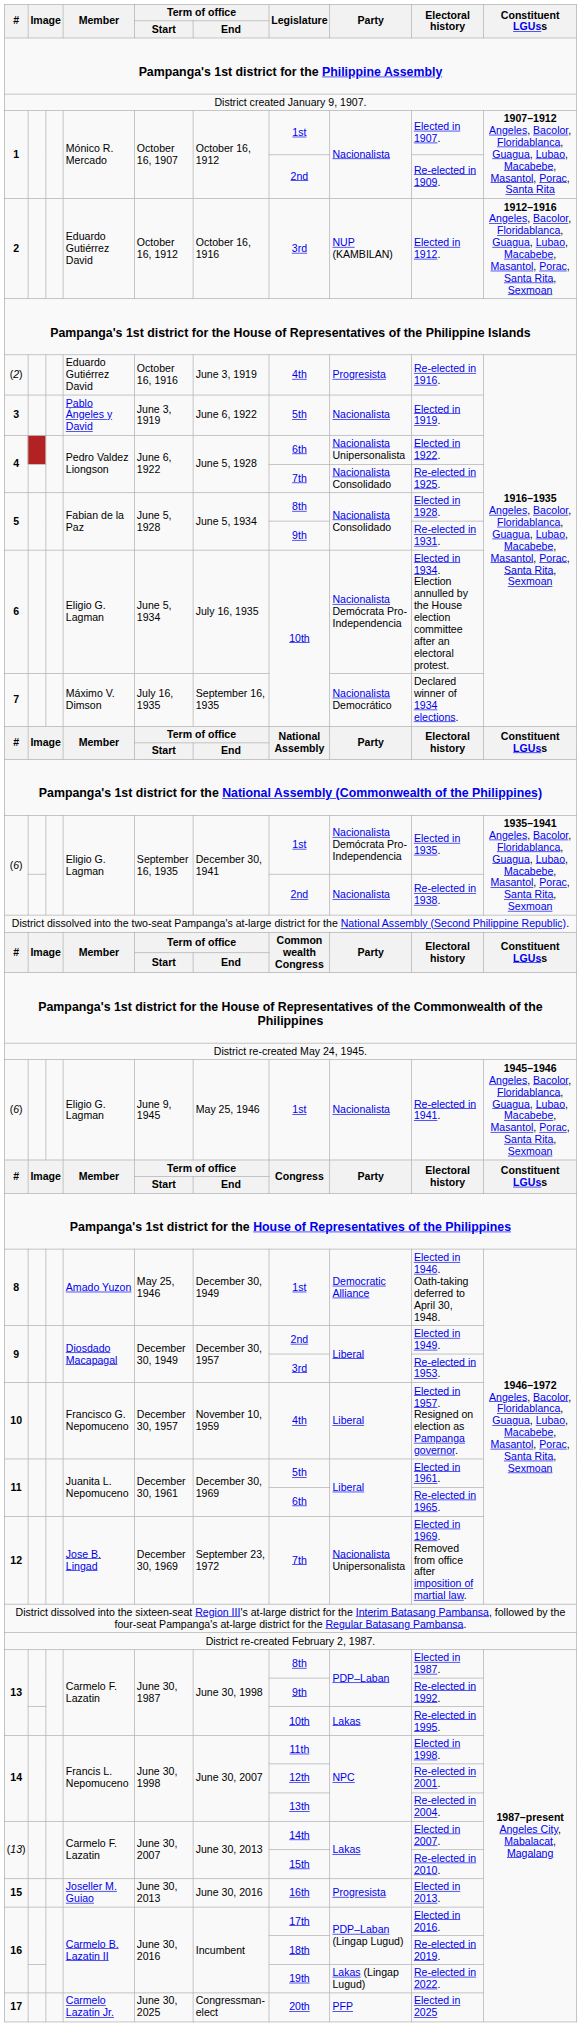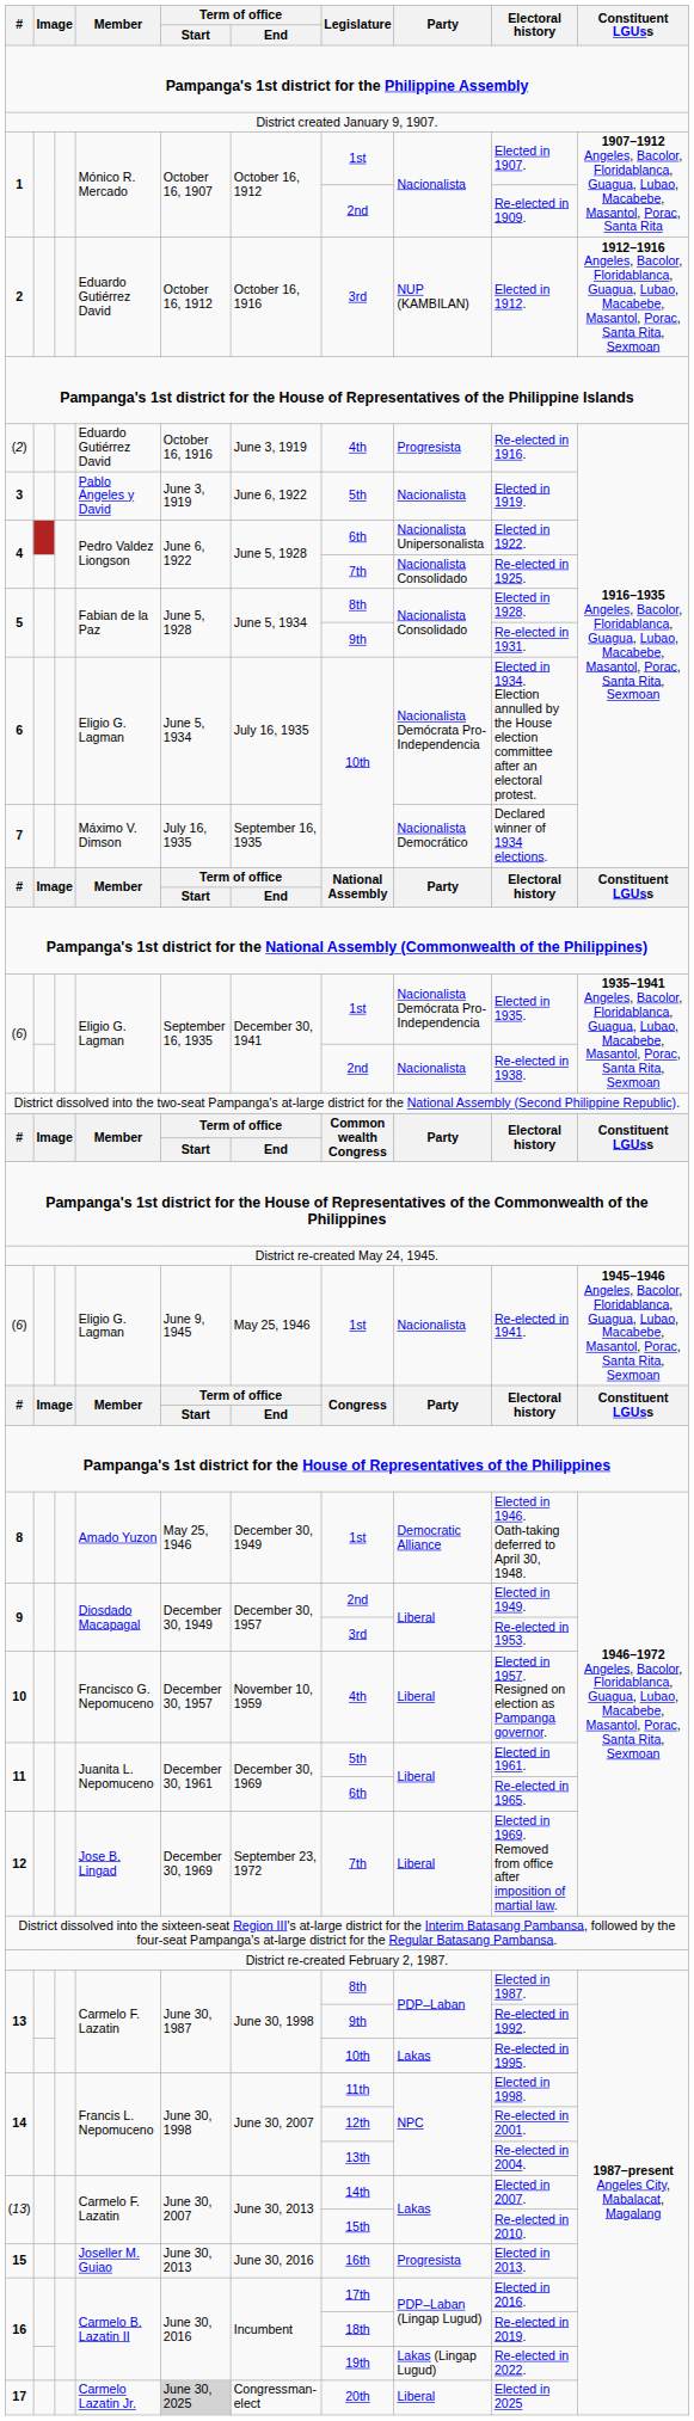 <table class=wikitable>
 <tr>
 <th rowspan="2">#</th>
 <th rowspan="2" colspan=2>Image</th>
 <th rowspan="2">Member</th>
 <th colspan=2>Term of office</th>
 <th rowspan="2">Legislature</th>
 <th rowspan="2">Party</th>
 <th rowspan="2">Electoral history</th>
 <th rowspan="2">Constituent<br><a href='#'>LGUs</a>s</th>
 </tr>
 <tr>
 <th>Start</th>
 <th>End</th>
 </tr>
 <tr>
 <td colspan="10" style="text-align:center;"><br><h3>Pampanga's 1st district for the <a href='#'>Philippine Assembly</a></h3></td>
 </tr>
 <tr>
 <td colspan="10" style="text-align:center;">District created January 9, 1907.</td>
 </tr>
 <tr>
 <td rowspan="2" style="text-align:center;"><strong>1</strong></td>
 <td rowspan="2" style="color:inherit;background:"></td>
 <td rowspan="2"></td>
 <td rowspan="2">Mónico R. Mercado</td>
 <td rowspan="2">October 16, 1907</td>
 <td rowspan="2">October 16, 1912</td>
 <td style="text-align:center;"><a href='#'>1st</a></td>
 <td rowspan="2"><a href='#'>Nacionalista</a></td>
 <td><a href='#'>Elected in 1907</a>.</td>
 <td rowspan="2" style="text-align:center;"><strong>1907–1912</strong><br><a href='#'>Angeles</a>, <a href='#'>Bacolor</a>, <a href='#'>Floridablanca</a>, <a href='#'>Guagua</a>, <a href='#'>Lubao</a>, <a href='#'>Macabebe</a>, <a href='#'>Masantol</a>, <a href='#'>Porac</a>, <a href='#'>Santa Rita</a></td>
 </tr>
 <tr>
 <td style="text-align:center;"><a href='#'>2nd</a></td>
 <td><a href='#'>Re-elected in 1909</a>.</td>
 </tr>
 <tr>
 <td style="text-align:center;"><strong>2</strong></td>
 <td style="color:inherit;background:"></td>
 <td></td>
 <td>Eduardo Gutiérrez David</td>
 <td>October 16, 1912</td>
 <td>October 16, 1916</td>
 <td style="text-align:center;"><a href='#'>3rd</a></td>
 <td><a href='#'>NUP</a> (KAMBILAN)</td>
 <td><a href='#'>Elected in 1912</a>.</td>
 <td style="text-align:center;"><strong>1912–1916</strong><br><a href='#'>Angeles</a>, <a href='#'>Bacolor</a>, <a href='#'>Floridablanca</a>, <a href='#'>Guagua</a>, <a href='#'>Lubao</a>, <a href='#'>Macabebe</a>, <a href='#'>Masantol</a>, <a href='#'>Porac</a>, <a href='#'>Santa Rita</a>, <a href='#'>Sexmoan</a></td>
 </tr>
 <tr>
 <td colspan="10" style="text-align:center;"><br><h3>Pampanga's 1st district for the House of Representatives of the Philippine Islands</h3></td>
 </tr>
 <tr>
 <td style="text-align:center;">(<em>2</em>)</td>
 <td style="color:inherit;background:"></td>
 <td></td>
 <td>Eduardo Gutiérrez David</td>
 <td>October 16, 1916</td>
 <td>June 3, 1919</td>
 <td style="text-align:center;"><a href='#'>4th</a></td>
 <td><a href='#'>Progresista</a></td>
 <td><a href='#'>Re-elected in 1916</a>.</td>
 <td rowspan="8" style="text-align:center;"><strong>1916–1935</strong><br><a href='#'>Angeles</a>, <a href='#'>Bacolor</a>, <a href='#'>Floridablanca</a>, <a href='#'>Guagua</a>, <a href='#'>Lubao</a>, <a href='#'>Macabebe</a>, <a href='#'>Masantol</a>, <a href='#'>Porac</a>, <a href='#'>Santa Rita</a>, <a href='#'>Sexmoan</a></td>
 </tr>
 <tr>
 <td style="text-align:center;"><strong>3</strong></td>
 <td style="color:inherit;background:"></td>
 <td></td>
 <td><a href='#'>Pablo Ángeles y David</a></td>
 <td>June 3, 1919</td>
 <td>June 6, 1922</td>
 <td style="text-align:center;"><a href='#'>5th</a></td>
 <td><a href='#'>Nacionalista</a></td>
 <td><a href='#'>Elected in 1919</a>.</td>
 </tr>
 <tr>
 <td rowspan="2" style="text-align:center;"><strong>4</strong></td>
 <td style="background-color:#B22222"></td>
 <td rowspan="2"></td>
 <td rowspan="2">Pedro Valdez Liongson</td>
 <td rowspan="2">June 6, 1922</td>
 <td rowspan="2">June 5, 1928</td>
 <td style="text-align:center;"><a href='#'>6th</a></td>
 <td><a href='#'>Nacionalista</a><br>Unipersonalista</td>
 <td><a href='#'>Elected in 1922</a>.</td>
 </tr>
 <tr>
 <td style="color:inherit;background:"></td>
 <td style="text-align:center;"><a href='#'>7th</a></td>
 <td><a href='#'>Nacionalista</a><br>Consolidado</td>
 <td><a href='#'>Re-elected in 1925</a>.</td>
 </tr>
 <tr>
 <td rowspan="2" style="text-align:center;"><strong>5</strong></td>
 <td rowspan="2" style="color:inherit;background:"></td>
 <td rowspan="2"></td>
 <td rowspan="2">Fabian de la Paz</td>
 <td rowspan="2">June 5, 1928</td>
 <td rowspan="2">June 5, 1934</td>
 <td style="text-align:center;"><a href='#'>8th</a></td>
 <td rowspan="2"><a href='#'>Nacionalista</a><br>Consolidado</td>
 <td><a href='#'>Elected in 1928</a>.</td>
 </tr>
 <tr>
 <td style="text-align:center;"><a href='#'>9th</a></td>
 <td><a href='#'>Re-elected in 1931</a>.</td>
 </tr>
 <tr>
 <td style="text-align:center;"><strong>6</strong></td>
 <td style="color:inherit;background:"></td>
 <td></td>
 <td>Eligio G. Lagman</td>
 <td>June 5, 1934</td>
 <td>July 16, 1935</td>
 <td rowspan="2" style="text-align:center;"><a href='#'>10th</a></td>
 <td><a href='#'>Nacionalista</a><br>Demócrata Pro-Independencia</td>
 <td><a href='#'>Elected in 1934</a>.<br>Election annulled by the House election committee after an electoral protest.</td>
 </tr>
 <tr>
 <td style="text-align:center;"><strong>7</strong></td>
 <td style="color:inherit;background:"></td>
 <td></td>
 <td>Máximo V. Dimson</td>
 <td>July 16, 1935</td>
 <td>September 16, 1935</td>
 <td><a href='#'>Nacionalista</a><br>Democrático</td>
 <td>Declared winner of <a href='#'>1934 elections</a>.</td>
 </tr>
 <tr>
 <th rowspan="2">#</th>
 <th rowspan="2" colspan=2>Image</th>
 <th rowspan="2">Member</th>
 <th colspan=2>Term of office</th>
 <th rowspan="2">National<br>Assembly</th>
 <th rowspan="2">Party</th>
 <th rowspan="2">Electoral history</th>
 <th rowspan="2">Constituent<br><a href='#'>LGUs</a>s</th>
 </tr>
 <tr>
 <th>Start</th>
 <th>End</th>
 </tr>
 <tr>
 <td colspan="10" style="text-align:center;"><br><h3>Pampanga's 1st district for the <a href='#'>National Assembly (Commonwealth of the Philippines)</a></h3></td>
 </tr>
 <tr>
 <td rowspan="2" style="text-align:center;">(<em>6</em>)</td>
 <td style="color:inherit;background:"></td>
 <td rowspan="2"></td>
 <td rowspan="2">Eligio G. Lagman</td>
 <td rowspan="2">September 16, 1935</td>
 <td rowspan="2">December 30, 1941</td>
 <td style="text-align:center;"><a href='#'>1st</a></td>
 <td><a href='#'>Nacionalista</a><br>Demócrata Pro-Independencia</td>
 <td><a href='#'>Elected in 1935</a>.</td>
 <td rowspan="2" style="text-align:center;"><strong>1935–1941</strong><br><a href='#'>Angeles</a>, <a href='#'>Bacolor</a>, <a href='#'>Floridablanca</a>, <a href='#'>Guagua</a>, <a href='#'>Lubao</a>, <a href='#'>Macabebe</a>, <a href='#'>Masantol</a>, <a href='#'>Porac</a>, <a href='#'>Santa Rita</a>, <a href='#'>Sexmoan</a></td>
 </tr>
 <tr>
 <td style="color:inherit;background:"></td>
 <td style="text-align:center;"><a href='#'>2nd</a></td>
 <td><a href='#'>Nacionalista</a></td>
 <td><a href='#'>Re-elected in 1938</a>.</td>
 </tr>
 <tr>
 <td colspan="10" style="text-align:center;">District dissolved into the two-seat Pampanga's at-large district for the <a href='#'>National Assembly (Second Philippine Republic)</a>.</td>
 </tr>
 <tr>
 <th rowspan="2">#</th>
 <th rowspan="2" colspan=2>Image</th>
 <th rowspan="2">Member</th>
 <th colspan=2>Term of office</th>
 <th rowspan="2">Common<br>wealth<br>Congress</th>
 <th rowspan="2">Party</th>
 <th rowspan="2">Electoral history</th>
 <th rowspan="2">Constituent<br><a href='#'>LGUs</a>s</th>
 </tr>
 <tr>
 <th>Start</th>
 <th>End</th>
 </tr>
 <tr>
 <td colspan="10" style="text-align:center;"><br><h3>Pampanga's 1st district for the House of Representatives of the Commonwealth of the Philippines</h3></td>
 </tr>
 <tr>
 <td colspan="10" style="text-align:center;">District re-created May 24, 1945.</td>
 </tr>
 <tr>
 <td style="text-align:center;">(<em>6</em>)</td>
 <td style="color:inherit;background:"></td>
 <td></td>
 <td>Eligio G. Lagman</td>
 <td>June 9, 1945</td>
 <td>May 25, 1946</td>
 <td style="text-align:center;"><a href='#'>1st</a></td>
 <td><a href='#'>Nacionalista</a></td>
 <td><a href='#'>Re-elected in 1941</a>.</td>
 <td style="text-align:center;"><strong>1945–1946</strong><br><a href='#'>Angeles</a>, <a href='#'>Bacolor</a>, <a href='#'>Floridablanca</a>, <a href='#'>Guagua</a>, <a href='#'>Lubao</a>, <a href='#'>Macabebe</a>, <a href='#'>Masantol</a>, <a href='#'>Porac</a>, <a href='#'>Santa Rita</a>, <a href='#'>Sexmoan</a></td>
 </tr>
 <tr>
 <th rowspan="2">#</th>
 <th rowspan="2" colspan=2>Image</th>
 <th rowspan="2">Member</th>
 <th colspan=2>Term of office</th>
 <th rowspan="2">Congress</th>
 <th rowspan="2">Party</th>
 <th rowspan="2">Electoral history</th>
 <th rowspan="2">Constituent<br><a href='#'>LGUs</a>s</th>
 </tr>
 <tr>
 <th>Start</th>
 <th>End</th>
 </tr>
 <tr>
 <td colspan="10" style="text-align:center;"><br><h3>Pampanga's 1st district for the <a href='#'>House of Representatives of the Philippines</a></h3></td>
 </tr>
 <tr>
 <td style="text-align:center;"><strong>8</strong></td>
 <td style="color:inherit;background:"></td>
 <td></td>
 <td><a href='#'>Amado Yuzon</a></td>
 <td>May 25, 1946</td>
 <td>December 30, 1949</td>
 <td style="text-align:center;"><a href='#'>1st</a></td>
 <td><a href='#'>Democratic Alliance</a></td>
 <td><a href='#'>Elected in 1946</a>.<br>Oath-taking deferred to April 30, 1948.</td>
 <td rowspan="7" style="text-align:center;"><strong>1946–1972</strong><br><a href='#'>Angeles</a>, <a href='#'>Bacolor</a>, <a href='#'>Floridablanca</a>, <a href='#'>Guagua</a>, <a href='#'>Lubao</a>, <a href='#'>Macabebe</a>, <a href='#'>Masantol</a>, <a href='#'>Porac</a>, <a href='#'>Santa Rita</a>, <a href='#'>Sexmoan</a></td>
 </tr>
 <tr>
 <td rowspan="2" style="text-align:center;"><strong>9</strong></td>
 <td rowspan="2" style="color:inherit;background:"></td>
 <td rowspan="2"></td>
 <td rowspan="2"><a href='#'>Diosdado Macapagal</a></td>
 <td rowspan="2">December 30, 1949</td>
 <td rowspan="2">December 30, 1957 </td>
 <td style="text-align:center;"><a href='#'>2nd</a></td>
 <td rowspan="2"><a href='#'>Liberal</a></td>
 <td><a href='#'>Elected in 1949</a>.</td>
 </tr>
 <tr>
 <td style="text-align:center;"><a href='#'>3rd</a></td>
 <td><a href='#'>Re-elected in 1953</a>.</td>
 </tr>
 <tr>
 <td style="text-align:center;"><strong>10</strong></td>
 <td style="color:inherit;background:"></td>
 <td></td>
 <td>Francisco G. Nepomuceno</td>
 <td>December 30, 1957</td>
 <td>November 10, 1959</td>
 <td style="text-align:center;"><a href='#'>4th</a></td>
 <td><a href='#'>Liberal</a></td>
 <td><a href='#'>Elected in 1957</a>.<br>Resigned on election as <a href='#'>Pampanga governor</a>.</td>
 </tr>
 <tr>
 <td rowspan="2" style="text-align:center;"><strong>11</strong></td>
 <td rowspan="2" style="color:inherit;background:"></td>
 <td rowspan="2"></td>
 <td rowspan="2">Juanita L. Nepomuceno</td>
 <td rowspan="2">December 30, 1961</td>
 <td rowspan="2">December 30, 1969</td>
 <td style="text-align:center;"><a href='#'>5th</a></td>
 <td rowspan="2"><a href='#'>Liberal</a></td>
 <td><a href='#'>Elected in 1961</a>.</td>
 </tr>
 <tr>
 <td style="text-align:center;"><a href='#'>6th</a></td>
 <td><a href='#'>Re-elected in 1965</a>.</td>
 </tr>
 <tr>
 <td style="text-align:center;"><strong>12</strong></td>
 <td style="color:inherit;background:"></td>
 <td></td>
 <td><a href='#'>Jose B. Lingad</a></td>
 <td>December 30, 1969</td>
 <td>September 23, 1972</td>
 <td style="text-align:center;"><a href='#'>7th</a></td>
-<td><a href='#'>Nacionalista</a><br>Unipersonalista</td>
+<td><a href='#'>Liberal</a></td>
 <td><a href='#'>Elected in 1969</a>.<br>Removed from office after <a href='#'>imposition of martial law</a>.</td>
 </tr>
 <tr>
 <td colspan="10" style="text-align:center;">District dissolved into the sixteen-seat <a href='#'>Region III</a>'s at-large district for the <a href='#'>Interim Batasang Pambansa</a>, followed by the four-seat Pampanga's at-large district for the <a href='#'>Regular Batasang Pambansa</a>.</td>
 </tr>
 <tr>
 <td colspan="10" style="text-align:center;">District re-created February 2, 1987.</td>
 </tr>
 <tr>
 <td rowspan="3" style="text-align:center;"><strong>13</strong></td>
 <td rowspan="2" style="color:inherit;background:"></td>
 <td rowspan="3"></td>
 <td rowspan="3">Carmelo F. Lazatin</td>
 <td rowspan="3">June 30, 1987</td>
 <td rowspan="3">June 30, 1998</td>
 <td style="text-align:center;"><a href='#'>8th</a></td>
 <td rowspan="2"><a href='#'>PDP–Laban</a></td>
 <td><a href='#'>Elected in 1987</a>.</td>
 <td rowspan="13" style="text-align:center;"><strong>1987–present</strong><br><a href='#'>Angeles City</a>, <a href='#'>Mabalacat</a>, <a href='#'>Magalang</a></td>
 </tr>
 <tr>
 <td style="text-align:center;"><a href='#'>9th</a></td>
 <td><a href='#'>Re-elected in 1992</a>.</td>
 </tr>
 <tr>
 <td style="color:inherit;background:"></td>
 <td style="text-align:center;"><a href='#'>10th</a></td>
 <td><a href='#'>Lakas</a></td>
 <td><a href='#'>Re-elected in 1995</a>.</td>
 </tr>
 <tr>
 <td rowspan="3" style="text-align:center;"><strong>14</strong></td>
 <td rowspan="3" style="color:inherit;background:"></td>
 <td rowspan="3"></td>
 <td rowspan="3">Francis L. Nepomuceno</td>
 <td rowspan="3">June 30, 1998</td>
 <td rowspan="3">June 30, 2007</td>
 <td style="text-align:center;"><a href='#'>11th</a></td>
 <td rowspan="3"><a href='#'>NPC</a></td>
 <td><a href='#'>Elected in 1998</a>.</td>
 </tr>
 <tr>
 <td style="text-align:center;"><a href='#'>12th</a></td>
 <td><a href='#'>Re-elected in 2001</a>.</td>
 </tr>
 <tr>
 <td style="text-align:center;"><a href='#'>13th</a></td>
 <td><a href='#'>Re-elected in 2004</a>.</td>
 </tr>
 <tr>
 <td rowspan="2" style="text-align:center;">(<em>13</em>)</td>
 <td rowspan="2" style="color:inherit;background:"></td>
 <td rowspan="2"></td>
 <td rowspan="2">Carmelo F. Lazatin</td>
 <td rowspan="2">June 30, 2007</td>
 <td rowspan="2">June 30, 2013</td>
 <td style="text-align:center;"><a href='#'>14th</a></td>
 <td rowspan="2"><a href='#'>Lakas</a></td>
 <td><a href='#'>Elected in 2007</a>.</td>
 </tr>
 <tr>
 <td style="text-align:center;"><a href='#'>15th</a></td>
 <td><a href='#'>Re-elected in 2010</a>.</td>
 </tr>
 <tr>
 <td style="text-align:center;"><strong>15</strong></td>
 <td style="color:inherit;background:"></td>
 <td></td>
 <td><a href='#'>Joseller M. Guiao</a></td>
 <td>June 30, 2013</td>
 <td>June 30, 2016</td>
 <td style="text-align:center;"><a href='#'>16th</a></td>
 <td><a href='#'>Progresista</a></td>
 <td><a href='#'>Elected in 2013</a>.</td>
 </tr>
 <tr>
 <td rowspan="3" style="text-align:center;"><strong>16</strong></td>
 <td rowspan="2" style="color:inherit;background:"></td>
 <td rowspan="3"></td>
 <td rowspan="3"><a href='#'>Carmelo B. Lazatin II</a></td>
 <td rowspan="3">June 30, 2016</td>
 <td rowspan="3">Incumbent</td>
 <td style="text-align:center;"><a href='#'>17th</a></td>
 <td rowspan="2"><a href='#'>PDP–Laban</a> (Lingap Lugud)</td>
 <td><a href='#'>Elected in 2016</a>.</td>
 </tr>
 <tr>
 <td style="text-align:center;"><a href='#'>18th</a></td>
 <td><a href='#'>Re-elected in 2019</a>.</td>
 </tr>
 <tr>
 <td style="color:inherit;background:"></td>
 <td style="text-align:center;"><a href='#'>19th</a></td>
 <td><a href='#'>Lakas</a> (Lingap Lugud)</td>
 <td><a href='#'>Re-elected in 2022</a>.</td>
 </tr>
 <tr>
 <td style="text-align: center;"><strong>17</strong></td>
 <td style="color:inherit;background:"></td>
 <td></td>
 <td><a href='#'>Carmelo Lazatin Jr.</a></td>
-<td>June 30, 2025</td>
+<td style="background: lightgrey;">June 30, 2025</td>
 <td>Congressman-elect</td>
 <td style="text-align: center;"><a href='#'>20th</a></td>
-<td><a href='#'>PFP</a></td>
+<td><a href='#'>Liberal</a></td>
 <td><a href='#'>Elected in 2025</a></td>
 </tr>
 </table>
